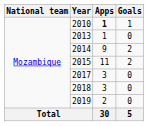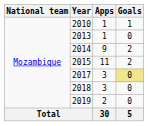 <table class="wikitable" style="text-align:center">
 <tr>
 <th>National team</th>
 <th>Year</th>
 <th>Apps</th>
 <th>Goals</th>
 </tr>
 <tr>
 <td rowspan="7"><a href='#'>Mozambique</a></td>
 <td>2010</td>
-<td><strong>1</strong></td>
+<td>1</td>
 <td>1</td>
 </tr>
 <tr>
 <td>2013</td>
 <td>1</td>
 <td>0</td>
 </tr>
 <tr>
 <td>2014</td>
 <td>9</td>
 <td>2</td>
 </tr>
 <tr>
 <td>2015</td>
 <td>11</td>
 <td>2</td>
 </tr>
 <tr>
 <td>2017</td>
 <td>3</td>
-<td>0</td>
+<td style="background: khaki;">0</td>
 </tr>
 <tr>
 <td>2018</td>
 <td>3</td>
 <td>0</td>
 </tr>
 <tr>
 <td>2019</td>
 <td>2</td>
 <td>0</td>
 </tr>
 <tr>
 <th colspan=2>Total</th>
 <th>30</th>
 <th>5</th>
 </tr>
 </table>
